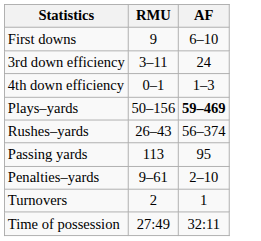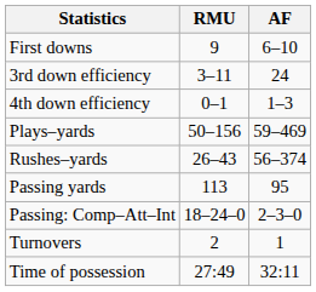 <table class="wikitable">
 <tr>
 <th>Statistics</th>
 <th>RMU</th>
 <th>AF</th>
 </tr>
 <tr>
 <td>First downs</td>
 <td align=center>9</td>
 <td align=center>6–10</td>
 </tr>
 <tr>
 <td>3rd down efficiency</td>
 <td align=center>3–11</td>
 <td align=center>24</td>
 </tr>
 <tr>
 <td>4th down efficiency</td>
 <td align=center>0–1</td>
 <td align=center>1–3</td>
 </tr>
 <tr>
 <td>Plays–yards</td>
 <td align=center>50–156</td>
-<td align=center><strong>59–469</strong></td>
+<td align=center>59–469</td>
 </tr>
 <tr>
 <td>Rushes–yards</td>
 <td align=center>26–43</td>
 <td align=center>56–374</td>
 </tr>
 <tr>
 <td>Passing yards</td>
 <td align=center>113</td>
 <td align=center>95</td>
 </tr>
 <tr>
-<td>Penalties–yards</td>
-<td align=center>9–61</td>
-<td align=center>2–10</td>
+<td>Passing: Comp–Att–Int</td>
+<td align=center>18–24–0</td>
+<td align=center>2–3–0</td>
 </tr>
 <tr>
 <td>Turnovers</td>
 <td align=center>2</td>
 <td align=center>1</td>
 </tr>
 <tr>
 <td>Time of possession</td>
 <td align=center>27:49</td>
 <td align=center>32:11</td>
 </tr>
 </table>
